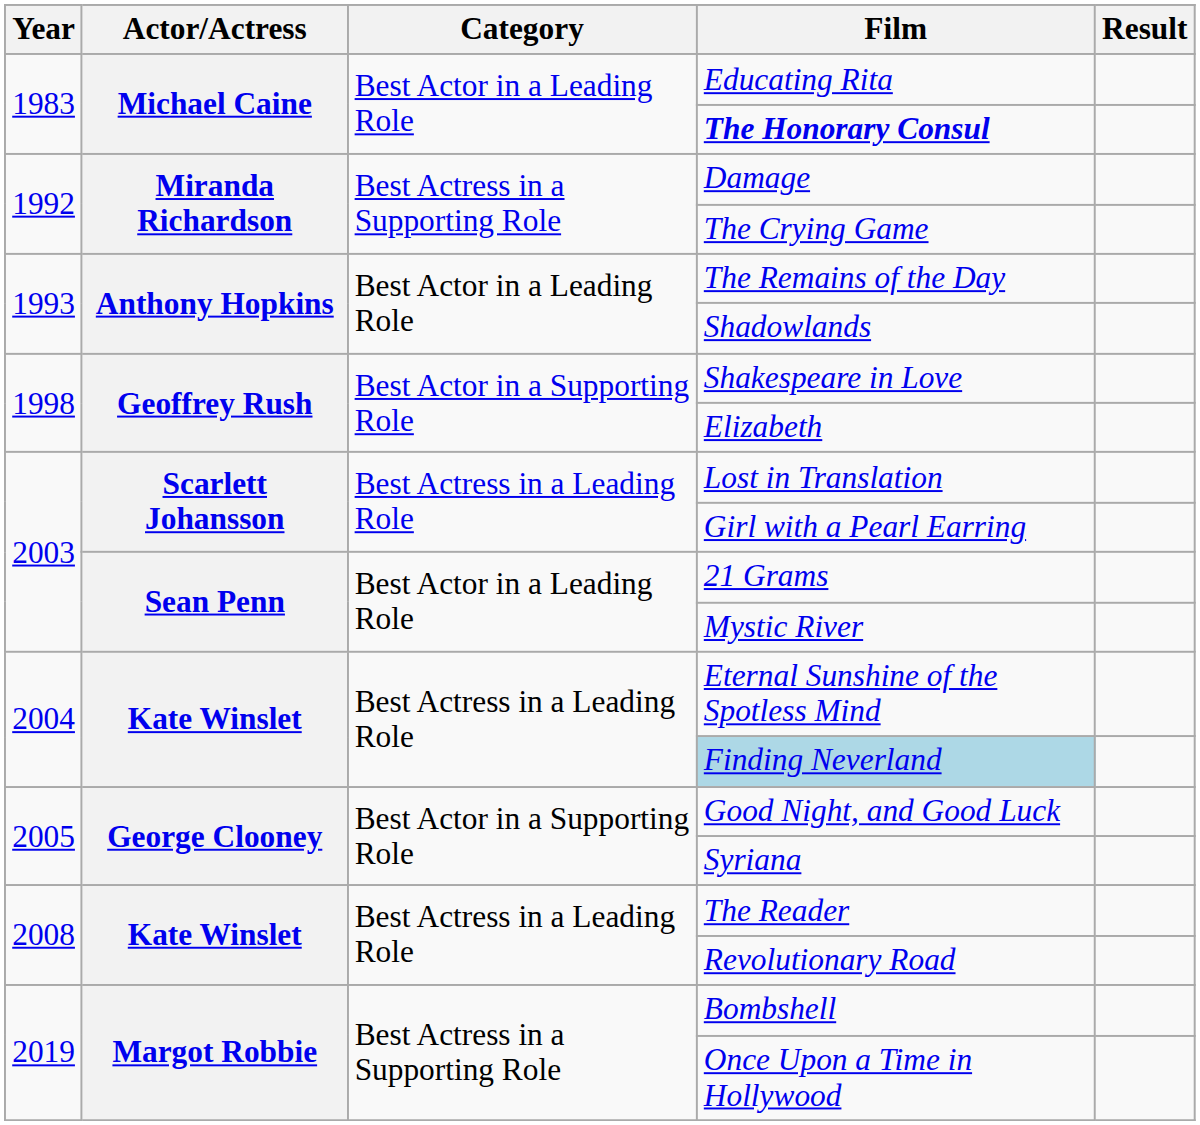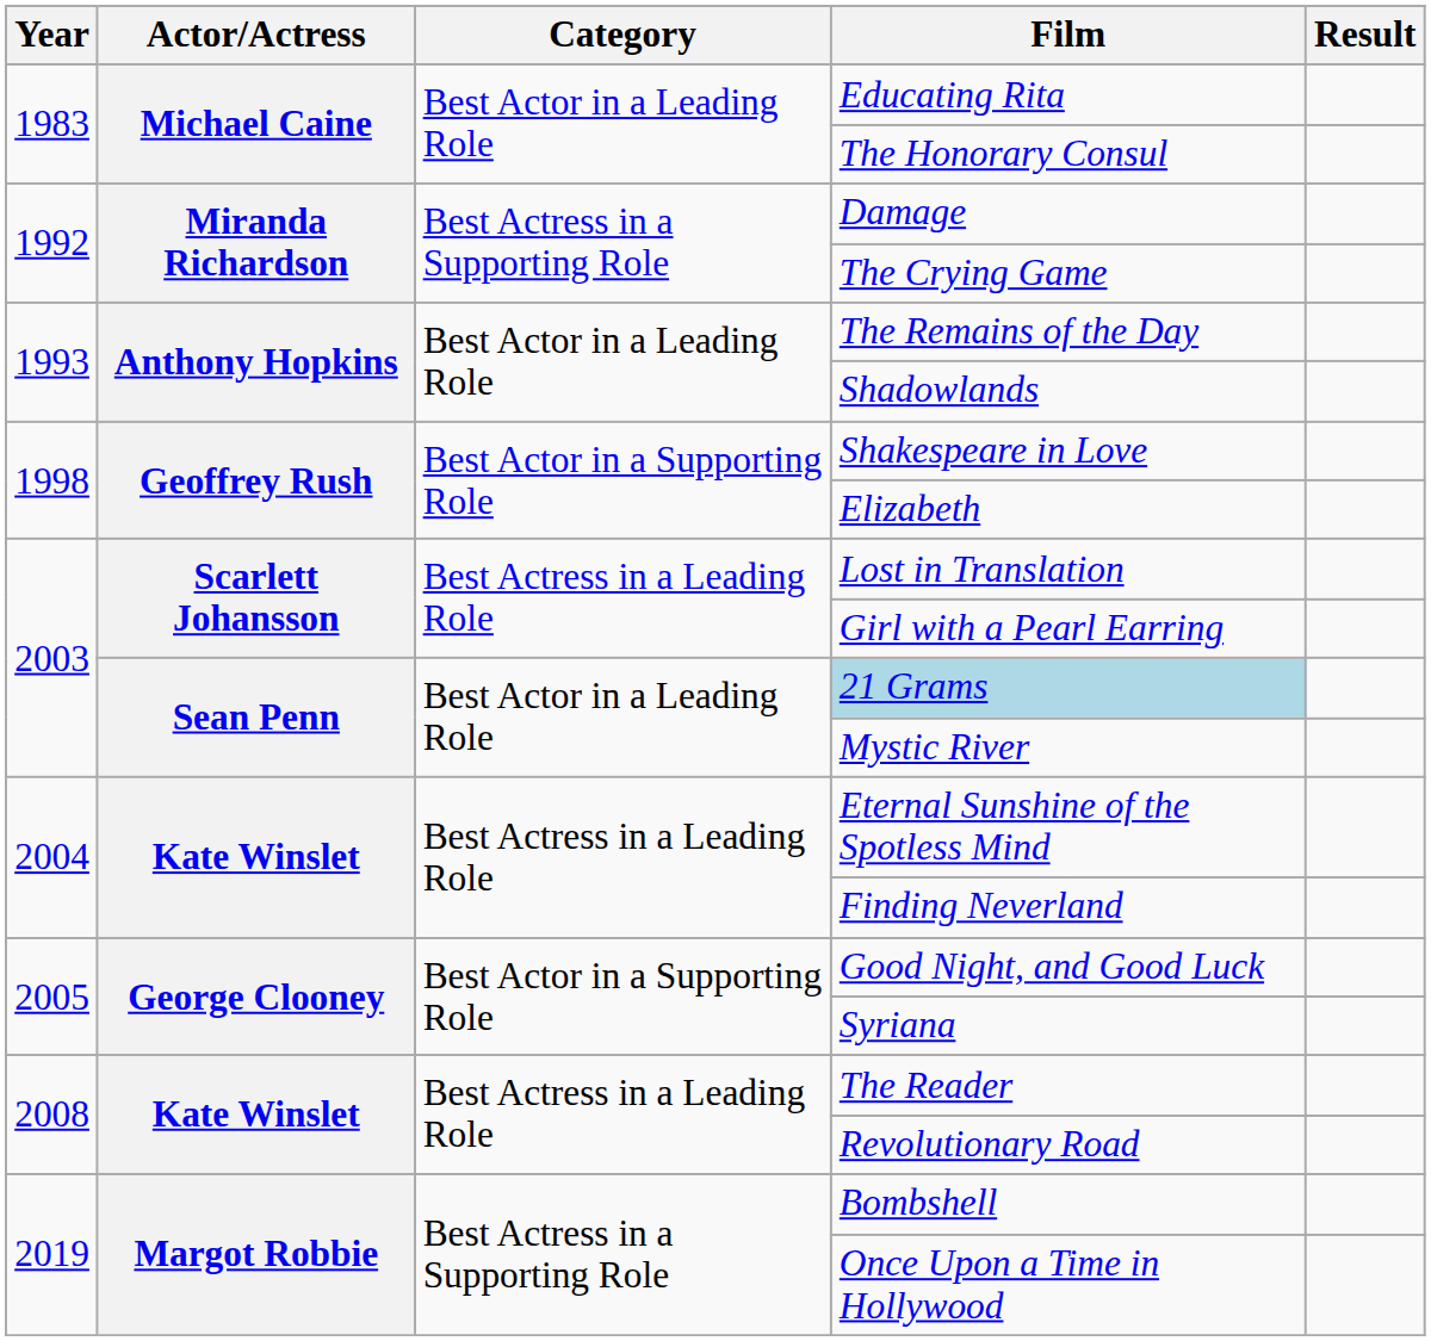 <table class="wikitable plainrowheaders">
 <tr>
 <th scope="col">Year<br></th>
 <th scope="col">Actor/Actress</th>
 <th scope="col">Category</th>
 <th scope="col">Film</th>
 <th scope="col">Result</th>
 </tr>
 <tr>
 <td style="text-align: center;" rowspan="2"><a href='#'>1983</a><br></td>
 <th scope="row" rowspan="2"><a href='#'>Michael Caine</a></th>
 <td rowspan="2"><a href='#'>Best Actor in a Leading Role</a></td>
 <td><em><a href='#'>Educating Rita</a></em></td>
 <td></td>
 </tr>
 <tr>
-<td><strong><em><a href='#'>The Honorary Consul</a></em></strong></td>
+<td><em><a href='#'>The Honorary Consul</a></em></td>
 <td></td>
 </tr>
 <tr>
 <td style="text-align: center;" rowspan="2"><a href='#'>1992</a><br></td>
 <th scope="row" rowspan="2"><a href='#'>Miranda Richardson</a></th>
 <td rowspan="2"><a href='#'>Best Actress in a Supporting Role</a></td>
 <td><em><a href='#'>Damage</a></em></td>
 <td></td>
 </tr>
 <tr>
 <td><em><a href='#'>The Crying Game</a></em></td>
 <td></td>
 </tr>
 <tr>
 <td style="text-align: center;" rowspan="2"><a href='#'>1993</a><br></td>
 <th scope="row" rowspan="2"><a href='#'>Anthony Hopkins</a></th>
 <td rowspan="2">Best Actor in a Leading Role</td>
 <td><em><a href='#'>The Remains of the Day</a></em></td>
 <td></td>
 </tr>
 <tr>
 <td><em><a href='#'>Shadowlands</a></em></td>
 <td></td>
 </tr>
 <tr>
 <td style="text-align: center;" rowspan="2"><a href='#'>1998</a><br></td>
 <th scope="row" rowspan="2"><a href='#'>Geoffrey Rush</a></th>
 <td rowspan="2"><a href='#'>Best Actor in a Supporting Role</a></td>
 <td><em><a href='#'>Shakespeare in Love</a></em></td>
 <td></td>
 </tr>
 <tr>
 <td><em><a href='#'>Elizabeth</a></em></td>
 <td></td>
 </tr>
 <tr>
 <td style="text-align: center;" rowspan="4"><a href='#'>2003</a><br></td>
 <th scope="row" rowspan="2"><a href='#'>Scarlett Johansson</a></th>
 <td rowspan="2"><a href='#'>Best Actress in a Leading Role</a></td>
 <td><em><a href='#'>Lost in Translation</a></em></td>
 <td></td>
 </tr>
 <tr>
 <td><em><a href='#'>Girl with a Pearl Earring</a></em></td>
 <td></td>
 </tr>
 <tr>
 <th scope="row" rowspan="2"><a href='#'>Sean Penn</a></th>
 <td rowspan="2">Best Actor in a Leading Role</td>
-<td><em><a href='#'>21 Grams</a></em></td>
+<td style="background: lightblue;"><em><a href='#'>21 Grams</a></em></td>
 <td></td>
 </tr>
 <tr>
 <td><em><a href='#'>Mystic River</a></em></td>
 <td></td>
 </tr>
 <tr>
 <td style="text-align: center;" rowspan="2"><a href='#'>2004</a><br></td>
 <th scope="row" rowspan="2"><a href='#'>Kate Winslet</a></th>
 <td rowspan="2">Best Actress in a Leading Role</td>
 <td><em><a href='#'>Eternal Sunshine of the Spotless Mind</a></em></td>
 <td></td>
 </tr>
 <tr>
-<td style="background: lightblue;"><em><a href='#'>Finding Neverland</a></em></td>
+<td><em><a href='#'>Finding Neverland</a></em></td>
 <td></td>
 </tr>
 <tr>
 <td style="text-align: center;" rowspan="2"><a href='#'>2005</a><br></td>
 <th scope="row" rowspan="2"><a href='#'>George Clooney</a></th>
 <td rowspan="2">Best Actor in a Supporting Role</td>
 <td><em><a href='#'>Good Night, and Good Luck</a></em></td>
 <td></td>
 </tr>
 <tr>
 <td><em><a href='#'>Syriana</a></em></td>
 <td></td>
 </tr>
 <tr>
 <td style="text-align: center;" rowspan="2"><a href='#'>2008</a><br></td>
 <th scope="row" rowspan="2"><a href='#'>Kate Winslet</a></th>
 <td rowspan="2">Best Actress in a Leading Role</td>
 <td><em><a href='#'>The Reader</a></em></td>
 <td></td>
 </tr>
 <tr>
 <td><em><a href='#'>Revolutionary Road</a></em></td>
 <td></td>
 </tr>
 <tr>
 <td style="text-align: center;" rowspan="2"><a href='#'>2019</a><br></td>
 <th scope="row" rowspan="2"><a href='#'>Margot Robbie</a></th>
 <td rowspan="2">Best Actress in a Supporting Role</td>
 <td><em><a href='#'>Bombshell</a></em></td>
 <td></td>
 </tr>
 <tr>
 <td><em><a href='#'>Once Upon a Time in Hollywood</a></em></td>
 <td></td>
 </tr>
 </table>
